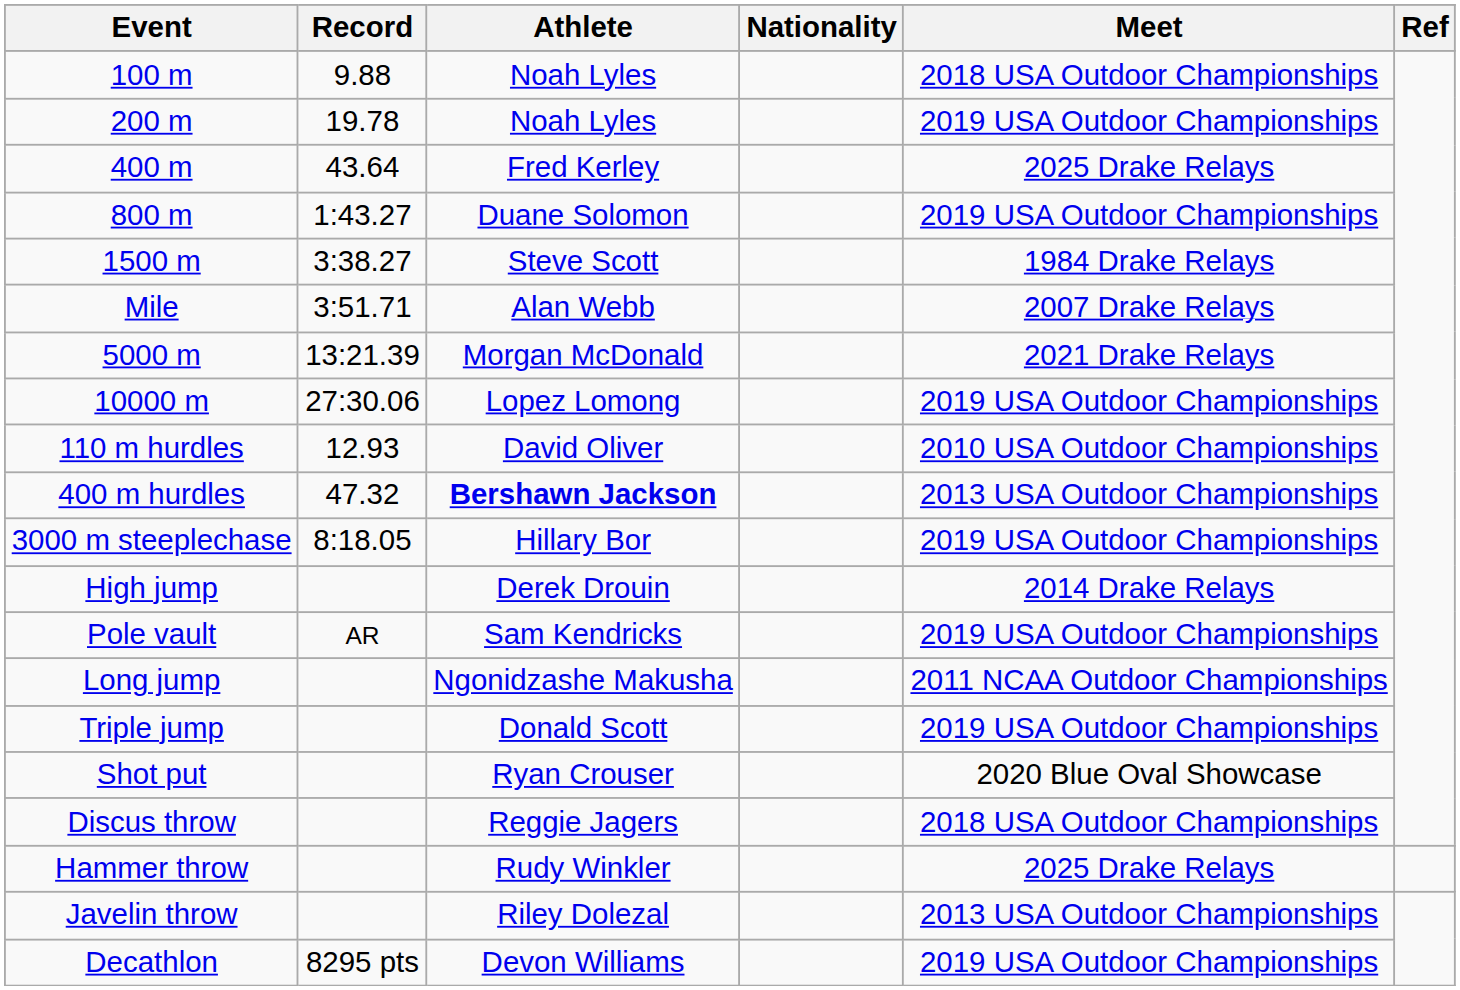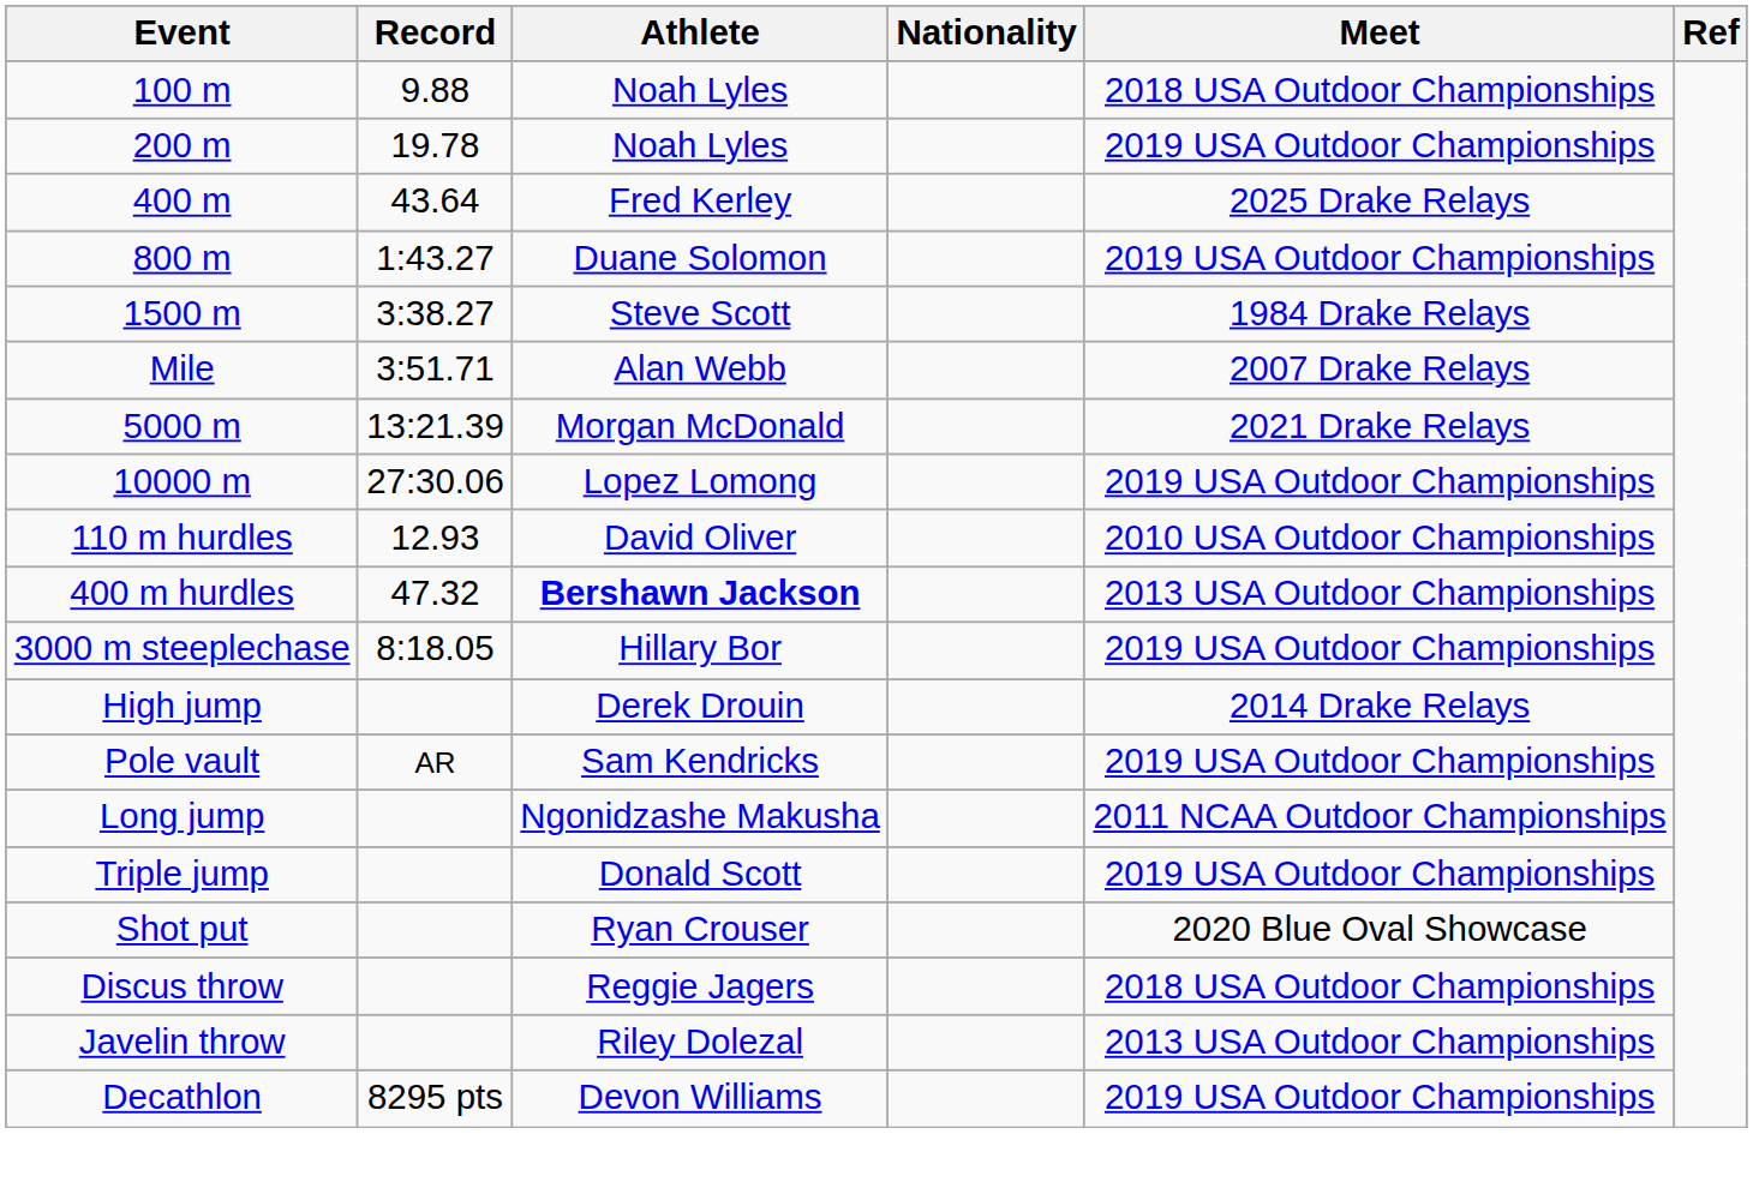 <table class="wikitable" style="text-align:center">
 <tr>
 <th>Event</th>
 <th>Record</th>
 <th>Athlete</th>
 <th>Nationality</th>
 <th>Meet</th>
 <th>Ref</th>
 </tr>
 <tr>
 <td><a href='#'>100 m</a></td>
 <td>9.88</td>
 <td><a href='#'>Noah Lyles</a></td>
 <td></td>
 <td><a href='#'>2018 USA Outdoor Championships</a></td>
 </tr>
 <tr>
 <td><a href='#'>200 m</a></td>
 <td>19.78</td>
 <td><a href='#'>Noah Lyles</a></td>
 <td></td>
 <td><a href='#'>2019 USA Outdoor Championships</a></td>
 </tr>
 <tr>
 <td><a href='#'>400 m</a></td>
 <td>43.64</td>
 <td><a href='#'>Fred Kerley</a></td>
 <td></td>
 <td><a href='#'>2025 Drake Relays</a></td>
 </tr>
 <tr>
 <td><a href='#'>800 m</a></td>
 <td>1:43.27</td>
 <td><a href='#'>Duane Solomon</a></td>
 <td></td>
 <td><a href='#'>2019 USA Outdoor Championships</a></td>
 </tr>
 <tr>
 <td><a href='#'>1500 m</a></td>
 <td>3:38.27</td>
 <td><a href='#'>Steve Scott</a></td>
 <td></td>
 <td><a href='#'>1984 Drake Relays</a></td>
 </tr>
 <tr>
 <td><a href='#'>Mile</a></td>
 <td>3:51.71</td>
 <td><a href='#'>Alan Webb</a></td>
 <td></td>
 <td><a href='#'>2007 Drake Relays</a></td>
 </tr>
 <tr>
 <td><a href='#'>5000 m</a></td>
 <td>13:21.39</td>
 <td><a href='#'>Morgan McDonald</a></td>
 <td></td>
 <td><a href='#'>2021 Drake Relays</a></td>
 </tr>
 <tr>
 <td><a href='#'>10000 m</a></td>
 <td>27:30.06</td>
 <td><a href='#'>Lopez Lomong</a></td>
 <td></td>
 <td><a href='#'>2019 USA Outdoor Championships</a></td>
 </tr>
 <tr>
 <td><a href='#'>110 m hurdles</a></td>
 <td>12.93</td>
 <td><a href='#'>David Oliver</a></td>
 <td></td>
 <td><a href='#'>2010 USA Outdoor Championships</a></td>
 </tr>
 <tr>
 <td><a href='#'>400 m hurdles</a></td>
 <td>47.32</td>
 <td><strong><a href='#'>Bershawn Jackson</a></strong></td>
 <td></td>
 <td><a href='#'>2013 USA Outdoor Championships</a></td>
 </tr>
 <tr>
 <td><a href='#'>3000 m steeplechase</a></td>
 <td>8:18.05</td>
 <td><a href='#'>Hillary Bor</a></td>
 <td></td>
 <td><a href='#'>2019 USA Outdoor Championships</a></td>
 </tr>
 <tr>
 <td><a href='#'>High jump</a></td>
 <td></td>
 <td><a href='#'>Derek Drouin</a></td>
 <td></td>
 <td><a href='#'>2014 Drake Relays</a></td>
 </tr>
 <tr>
 <td><a href='#'>Pole vault</a></td>
 <td> <small>AR</small></td>
 <td><a href='#'>Sam Kendricks</a></td>
 <td></td>
 <td><a href='#'>2019 USA Outdoor Championships</a></td>
 </tr>
 <tr>
 <td><a href='#'>Long jump</a></td>
 <td></td>
 <td><a href='#'>Ngonidzashe Makusha</a></td>
 <td></td>
 <td><a href='#'>2011 NCAA Outdoor Championships</a></td>
 </tr>
 <tr>
 <td><a href='#'>Triple jump</a></td>
 <td></td>
 <td><a href='#'>Donald Scott</a></td>
 <td></td>
 <td><a href='#'>2019 USA Outdoor Championships</a></td>
 </tr>
 <tr>
 <td><a href='#'>Shot put</a></td>
 <td></td>
 <td><a href='#'>Ryan Crouser</a></td>
 <td></td>
 <td>2020 Blue Oval Showcase</td>
 </tr>
 <tr>
 <td><a href='#'>Discus throw</a></td>
 <td></td>
 <td><a href='#'>Reggie Jagers</a></td>
 <td></td>
 <td><a href='#'>2018 USA Outdoor Championships</a></td>
 </tr>
 <tr>
-<td><a href='#'>Hammer throw</a></td>
-<td></td>
-<td><a href='#'>Rudy Winkler</a></td>
-<td></td>
-<td><a href='#'>2025 Drake Relays</a></td>
-<td></td>
-</tr>
-<tr>
 <td><a href='#'>Javelin throw</a></td>
 <td></td>
 <td><a href='#'>Riley Dolezal</a></td>
 <td></td>
 <td><a href='#'>2013 USA Outdoor Championships</a></td>
 </tr>
 <tr>
 <td><a href='#'>Decathlon</a></td>
 <td>8295 pts</td>
 <td><a href='#'>Devon Williams</a></td>
 <td></td>
 <td><a href='#'>2019 USA Outdoor Championships</a></td>
 </tr>
 </table>
